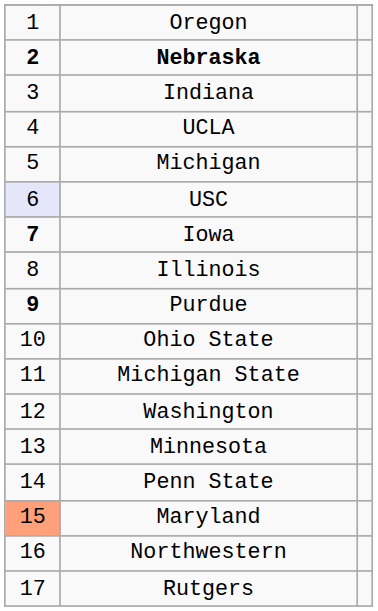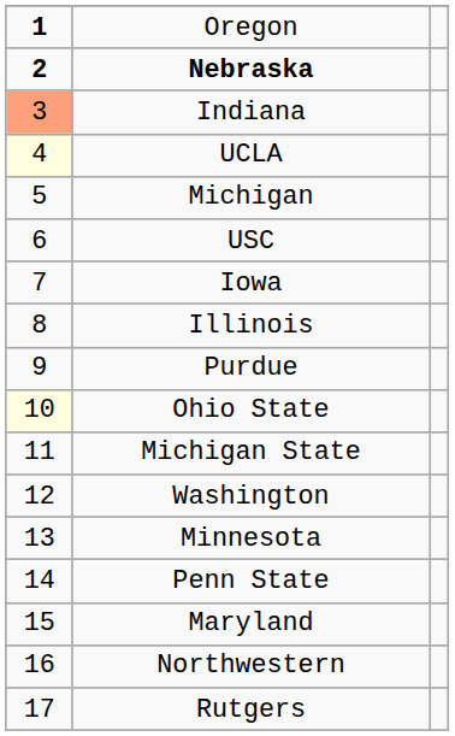 <table class="wikitable" style="width: 25%;text-align: center;">
 <tr align="center">
 </tr>
 <tr align="center">
-<td>1</td>
+<td><strong>1</strong></td>
 <td>Oregon</td>
 <td></td>
 </tr>
 <tr align="center">
 <td><strong>2</strong></td>
 <td><strong>Nebraska</strong></td>
 <td></td>
 </tr>
 <tr align="center">
-<td>3</td>
+<td style="background: lightsalmon;">3</td>
 <td>Indiana</td>
 <td></td>
 </tr>
 <tr align="center">
-<td>4</td>
+<td style="background: lightyellow;">4</td>
 <td>UCLA</td>
 <td></td>
 </tr>
 <tr align="center">
 <td>5</td>
 <td>Michigan</td>
 <td></td>
 </tr>
 <tr align="center">
-<td style="background: lavender;">6</td>
+<td>6</td>
 <td>USC</td>
 <td></td>
 </tr>
 <tr align="center">
-<td><strong>7</strong></td>
+<td>7</td>
 <td>Iowa</td>
 <td></td>
 </tr>
 <tr align="center">
 <td>8</td>
 <td>Illinois</td>
 <td></td>
 </tr>
 <tr align="center">
-<td><strong>9</strong></td>
+<td>9</td>
 <td>Purdue</td>
 <td></td>
 </tr>
 <tr align="center">
-<td>10</td>
+<td style="background: lightyellow;">10</td>
 <td>Ohio State</td>
 <td></td>
 </tr>
 <tr align="center">
 <td>11</td>
 <td>Michigan State</td>
 <td></td>
 </tr>
 <tr align="center">
 <td>12</td>
 <td>Washington</td>
 <td></td>
 </tr>
 <tr align="center">
 <td>13</td>
 <td>Minnesota</td>
 <td></td>
 </tr>
 <tr align="center">
 <td>14</td>
 <td>Penn State</td>
 <td></td>
 </tr>
 <tr align="center">
-<td style="background: lightsalmon;">15</td>
+<td>15</td>
 <td>Maryland</td>
 <td></td>
 </tr>
 <tr align="center">
 <td>16</td>
 <td>Northwestern</td>
 <td></td>
 </tr>
 <tr align="center">
 <td>17</td>
 <td>Rutgers</td>
 <td></td>
 </tr>
 </table>
